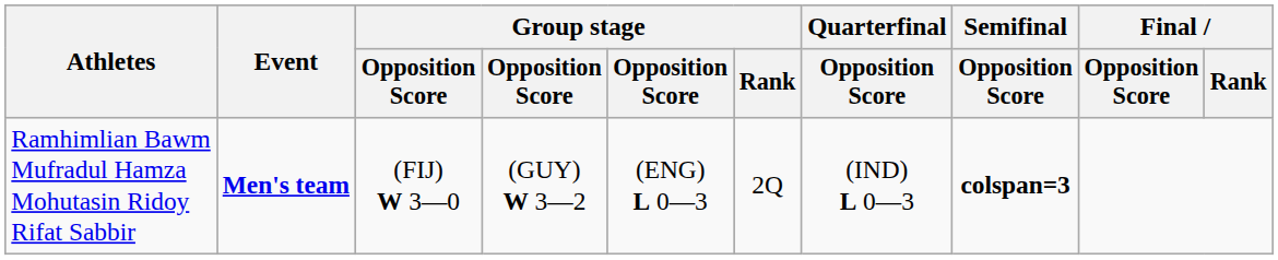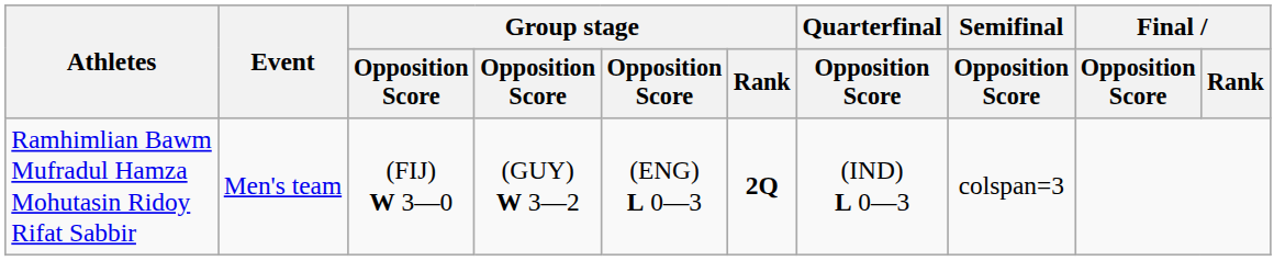 <table class=wikitable style=font-size:88%;text-align:center>
 <tr>
 <th rowspan=2>Athletes</th>
 <th rowspan=2>Event</th>
 <th colspan=4>Group stage</th>
 <th>Quarterfinal</th>
 <th>Semifinal</th>
 <th colspan=2>Final / </th>
 </tr>
 <tr style=font-size:95%>
 <th>Opposition<br>Score</th>
 <th>Opposition<br>Score</th>
 <th>Opposition<br>Score</th>
 <th>Rank</th>
 <th>Opposition<br>Score</th>
 <th>Opposition<br>Score</th>
 <th>Opposition<br>Score</th>
 <th>Rank</th>
 </tr>
 <tr>
 <td align=left><a href='#'>Ramhimlian Bawm</a> <br> <a href='#'>Mufradul Hamza</a> <br> <a href='#'>Mohutasin Ridoy</a> <br><a href='#'>Rifat Sabbir</a></td>
-<td align=left><strong><a href='#'>Men's team</a></strong></td>
+<td align=left><a href='#'>Men's team</a></td>
 <td> (FIJ)<br><strong>W</strong> 3―0</td>
 <td> (GUY)<br><strong>W</strong> 3―2</td>
 <td> (ENG)<br><strong>L</strong> 0—3</td>
-<td>2Q</td>
+<td><strong>2Q</strong></td>
 <td> (IND)<br> <strong>L</strong> 0—3</td>
-<td><strong>colspan=3 </strong></td>
+<td>colspan=3 </td>
 </tr>
 </table>
